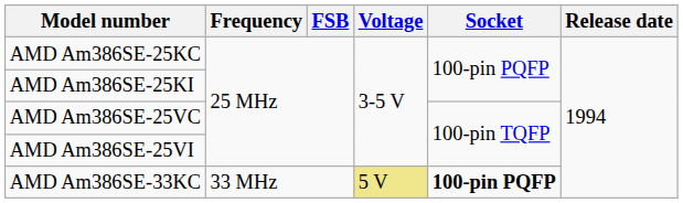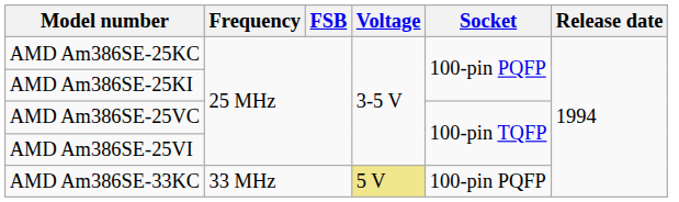 <table class="wikitable">
 <tr>
 <th>Model number</th>
 <th>Frequency</th>
 <th><a href='#'>FSB</a></th>
 <th><a href='#'>Voltage</a></th>
 <th><a href='#'>Socket</a></th>
 <th>Release date</th>
 </tr>
 <tr>
 <td>AMD Am386SE-25KC</td>
 <td colspan="2" rowspan="4">25 MHz</td>
 <td rowspan="4">3-5 V</td>
 <td rowspan="2">100-pin <a href='#'>PQFP</a></td>
 <td rowspan="5">1994</td>
 </tr>
 <tr>
 <td>AMD Am386SE-25KI</td>
 </tr>
 <tr>
 <td>AMD Am386SE-25VC</td>
 <td rowspan="2">100-pin <a href='#'>TQFP</a></td>
 </tr>
 <tr>
 <td>AMD Am386SE-25VI</td>
 </tr>
 <tr>
 <td>AMD Am386SE-33KC</td>
 <td colspan="2">33 MHz</td>
 <td style="background: khaki;">5 V</td>
-<td><strong>100-pin PQFP</strong></td>
+<td>100-pin PQFP</td>
 </tr>
 </table>
